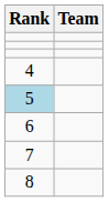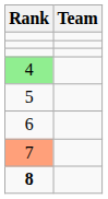 <table class=wikitable style="text-align:center;">
 <tr>
 <th>Rank</th>
 <th>Team</th>
 </tr>
 <tr>
 <td></td>
 <td align=left></td>
 </tr>
 <tr>
 <td></td>
 <td align=left></td>
 </tr>
 <tr>
 <td></td>
 <td align=left></td>
 </tr>
 <tr>
-<td>4</td>
+<td style="background: lightgreen;">4</td>
 <td align=left></td>
 </tr>
 <tr>
-<td style="background: lightblue;">5</td>
+<td>5</td>
 <td align=left></td>
 </tr>
 <tr>
 <td>6</td>
 <td align=left></td>
 </tr>
 <tr>
-<td>7</td>
+<td style="background: lightsalmon;">7</td>
 <td align=left></td>
 </tr>
 <tr>
-<td>8</td>
+<td><strong>8</strong></td>
 <td align=left></td>
 </tr>
 </table>
